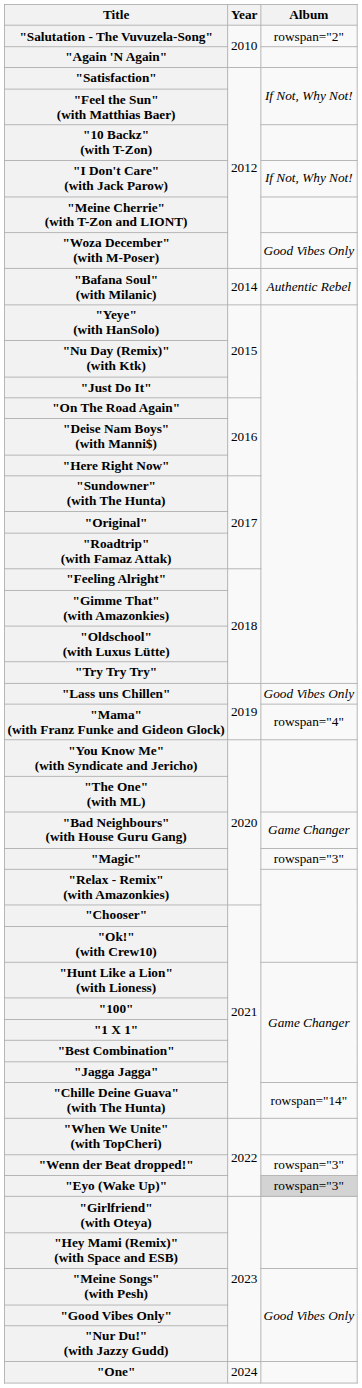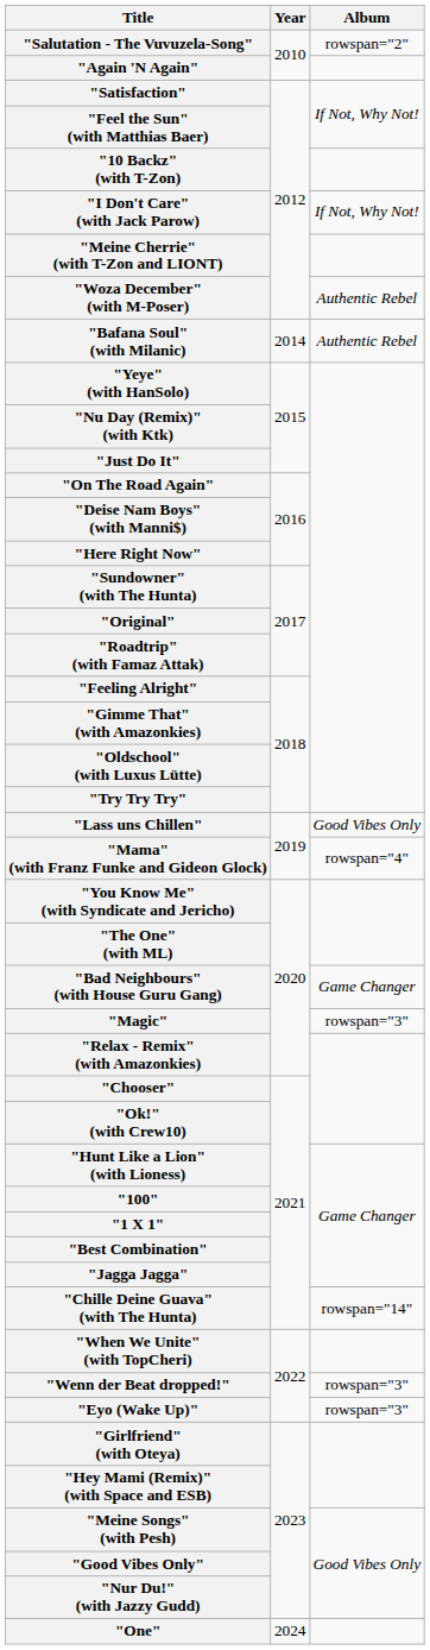 <table class="wikitable plainrowheaders" style="text-align:center;">
 <tr>
 <th scope="col">Title</th>
 <th scope="col">Year</th>
 <th scope="col">Album</th>
 </tr>
 <tr>
 <th scope="row">"Salutation - The Vuvuzela-Song"</th>
 <td rowspan="2">2010</td>
 <td>rowspan="2" </td>
 </tr>
 <tr>
 <th scope="row">"Again 'N Again"</th>
 </tr>
 <tr>
 <th scope="row">"Satisfaction"</th>
 <td rowspan="6">2012</td>
 <td rowspan="2"><em>If Not, Why Not!</em></td>
 </tr>
 <tr>
 <th scope="row">"Feel the Sun"<br><span>(with Matthias Baer)</span></th>
 </tr>
 <tr>
 <th scope="row">"10 Backz"<br><span>(with T-Zon)</span></th>
 <td></td>
 </tr>
 <tr>
 <th scope="row">"I Don't Care"<br><span>(with Jack Parow)</span></th>
 <td><em>If Not, Why Not!</em></td>
 </tr>
 <tr>
 <th scope="row">"Meine Cherrie"<br><span>(with T-Zon and LIONT)</span></th>
 <td></td>
 </tr>
 <tr>
 <th scope="row">"Woza December"<br><span>(with M-Poser)</span></th>
-<td><em>Good Vibes Only</em></td>
+<td><em>Authentic Rebel</em></td>
 </tr>
 <tr>
 <th scope="row">"Bafana Soul"<br><span>(with Milanic)</span></th>
 <td>2014</td>
 <td><em>Authentic Rebel</em></td>
 </tr>
 <tr>
 <th scope="row">"Yeye"<br><span>(with HanSolo)</span></th>
 <td rowspan="3">2015</td>
 </tr>
 <tr>
 <th scope="row">"Nu Day (Remix)"<br><span>(with Ktk)</span></th>
 </tr>
 <tr>
 <th scope="row">"Just Do It"</th>
 </tr>
 <tr>
 <th scope="row">"On The Road Again"</th>
 <td rowspan="3">2016</td>
 </tr>
 <tr>
 <th scope="row">"Deise Nam Boys"<br><span>(with Manni$)</span></th>
 </tr>
 <tr>
 <th scope="row">"Here Right Now"</th>
 </tr>
 <tr>
 <th scope="row">"Sundowner"<br><span>(with The Hunta)</span></th>
 <td rowspan="3">2017</td>
 </tr>
 <tr>
 <th scope="row">"Original"</th>
 </tr>
 <tr>
 <th scope="row">"Roadtrip"<br><span>(with Famaz Attak)</span></th>
 </tr>
 <tr>
 <th scope="row">"Feeling Alright"</th>
 <td rowspan="4">2018</td>
 </tr>
 <tr>
 <th scope="row">"Gimme That"<br><span>(with Amazonkies)</span></th>
 </tr>
 <tr>
 <th scope="row">"Oldschool"<br><span>(with Luxus Lütte)</span></th>
 </tr>
 <tr>
 <th scope="row">"Try Try Try"</th>
 </tr>
 <tr>
 <th scope="row">"Lass uns Chillen"</th>
 <td rowspan="2">2019</td>
 <td><em>Good Vibes Only</em></td>
 </tr>
 <tr>
 <th scope="row">"Mama"<br><span>(with Franz Funke and Gideon Glock)</span></th>
 <td>rowspan="4" </td>
 </tr>
 <tr>
 <th scope="row">"You Know Me"<br><span>(with Syndicate and Jericho)</span></th>
 <td rowspan="5">2020</td>
 </tr>
 <tr>
 <th scope="row">"The One"<br><span>(with ML)</span></th>
 </tr>
 <tr>
 <th scope="row">"Bad Neighbours"<br><span>(with House Guru Gang)</span></th>
 <td><em>Game Changer</em></td>
 </tr>
 <tr>
 <th scope="row">"Magic"</th>
 <td>rowspan="3" </td>
 </tr>
 <tr>
 <th scope="row">"Relax - Remix"<br><span>(with Amazonkies)</span></th>
 </tr>
 <tr>
 <th scope="row">"Chooser"</th>
 <td rowspan="8">2021</td>
 </tr>
 <tr>
 <th scope="row">"Ok!"<br><span>(with Crew10)</span></th>
 </tr>
 <tr>
 <th scope="row">"Hunt Like a Lion"<br><span>(with Lioness)</span></th>
 <td rowspan="5"><em>Game Changer</em></td>
 </tr>
 <tr>
 <th scope="row">"100"</th>
 </tr>
 <tr>
 <th scope="row">"1 X 1"</th>
 </tr>
 <tr>
 <th scope="row">"Best Combination"</th>
 </tr>
 <tr>
 <th scope="row">"Jagga Jagga"</th>
 </tr>
 <tr>
 <th scope="row">"Chille Deine Guava"<br><span>(with The Hunta)</span></th>
 <td>rowspan="14" </td>
 </tr>
 <tr>
 <th scope="row">"When We Unite"<br><span>(with TopCheri)</span></th>
 <td rowspan="3">2022</td>
 <td></td>
 </tr>
 <tr>
 <th scope="row">"Wenn der Beat dropped!"</th>
 <td>rowspan="3" </td>
 </tr>
 <tr>
 <th scope="row">"Eyo (Wake Up)"</th>
-<td style="background: lightgrey;">rowspan="3" </td>
+<td>rowspan="3" </td>
 </tr>
 <tr>
 <th scope="row">"Girlfriend"<br><span>(with Oteya)</span></th>
 <td rowspan="5">2023</td>
 </tr>
 <tr>
 <th scope="row">"Hey Mami (Remix)"<br><span>(with Space and ESB)</span></th>
 </tr>
 <tr>
 <th scope="row">"Meine Songs"<br><span>(with Pesh)</span></th>
 <td rowspan="3"><em>Good Vibes Only</em></td>
 </tr>
 <tr>
 <th scope="row">"Good Vibes Only"</th>
 </tr>
 <tr>
 <th scope="row">"Nur Du!"<br><span>(with Jazzy Gudd)</span></th>
 </tr>
 <tr>
 <th scope="row">"One"</th>
 <td>2024</td>
 <td></td>
 </tr>
 </table>
